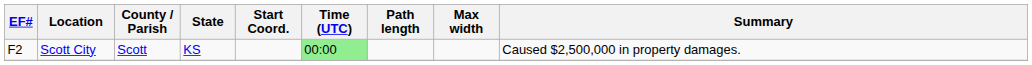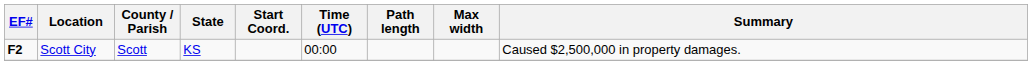 <table class="wikitable sortable" style="width:100%;">
 <tr>
 <th scope="col"  style="width:3%; text-align:center;"><a href='#'>EF#</a></th>
 <th scope="col"  style="width:7%; text-align:center;" class="unsortable">Location</th>
 <th scope="col"  style="width:6%; text-align:center;" class="unsortable">County / Parish</th>
 <th scope="col"  style="width:5%; text-align:center;">State</th>
 <th scope="col"  style="width:6%; text-align:center;">Start Coord.</th>
 <th scope="col"  style="width:6%; text-align:center;">Time (<a href='#'>UTC</a>)</th>
 <th scope="col"  style="width:6%; text-align:center;">Path length</th>
 <th scope="col"  style="width:6%; text-align:center;">Max width</th>
 <th scope="col" class="unsortable" style="width:48%; text-align:center;">Summary</th>
 </tr>
 <tr>
-<td bgcolor=>F2</td>
+<td bgcolor=><strong>F2</strong></td>
 <td><a href='#'>Scott City</a></td>
 <td><a href='#'>Scott</a></td>
 <td><a href='#'>KS</a></td>
 <td></td>
-<td style="background: lightgreen;">00:00</td>
+<td>00:00</td>
 <td></td>
 <td></td>
 <td>Caused $2,500,000 in property damages.</td>
 </tr>
 <tr>
 </tr>
 </table>
